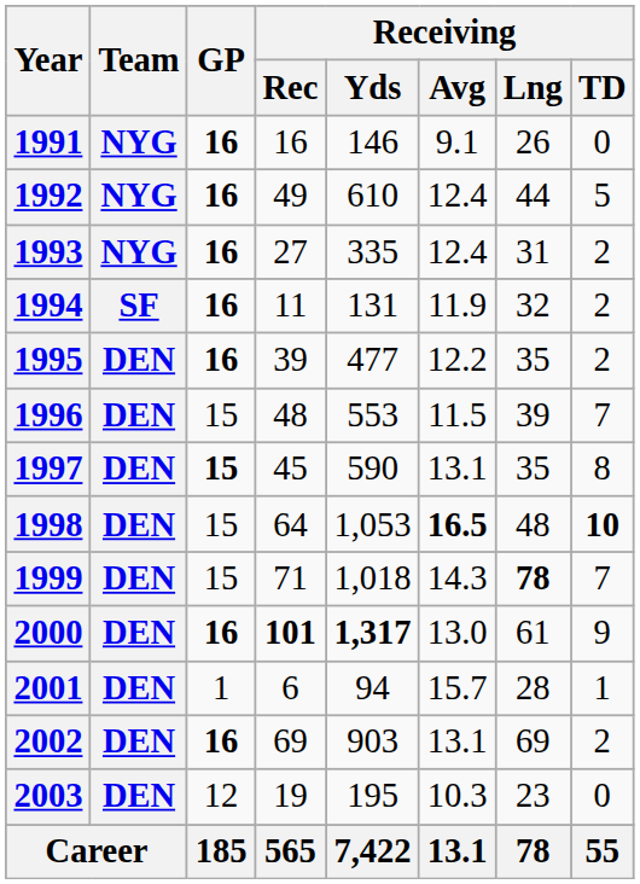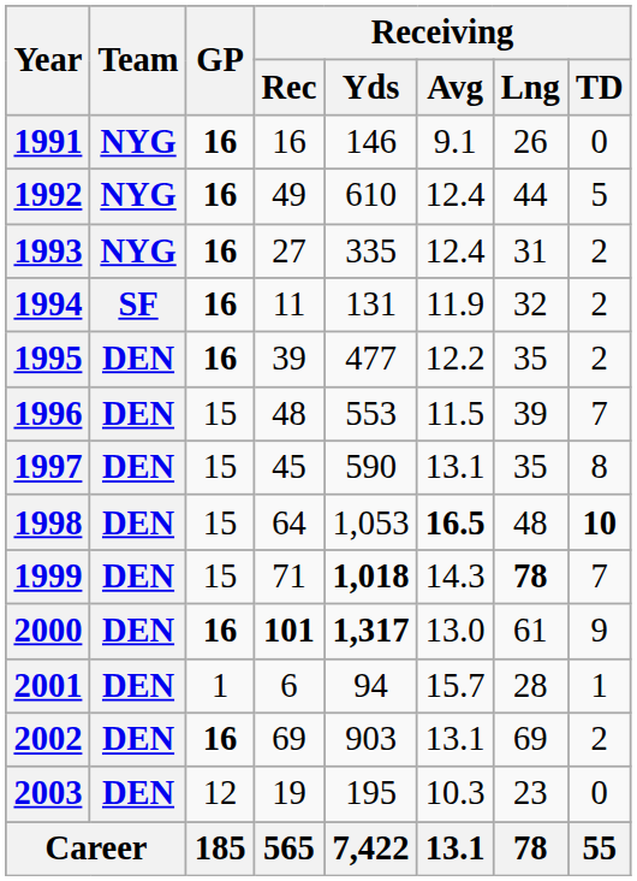 <table class="wikitable" style="text-align: center;">
 <tr>
 <th rowspan="2">Year</th>
 <th rowspan="2">Team</th>
 <th rowspan="2">GP</th>
 <th colspan="5">Receiving</th>
 </tr>
 <tr>
 <th>Rec</th>
 <th>Yds</th>
 <th>Avg</th>
 <th>Lng</th>
 <th>TD</th>
 </tr>
 <tr>
 <th><a href='#'>1991</a></th>
 <th><a href='#'>NYG</a></th>
 <td><strong>16</strong></td>
 <td>16</td>
 <td>146</td>
 <td>9.1</td>
 <td>26</td>
 <td>0</td>
 </tr>
 <tr>
 <th><a href='#'>1992</a></th>
 <th><a href='#'>NYG</a></th>
 <td><strong>16</strong></td>
 <td>49</td>
 <td>610</td>
 <td>12.4</td>
 <td>44</td>
 <td>5</td>
 </tr>
 <tr>
 <th><a href='#'>1993</a></th>
 <th><a href='#'>NYG</a></th>
 <td><strong>16</strong></td>
 <td>27</td>
 <td>335</td>
 <td>12.4</td>
 <td>31</td>
 <td>2</td>
 </tr>
 <tr>
 <th><a href='#'>1994</a></th>
 <th><a href='#'>SF</a></th>
 <td><strong>16</strong></td>
 <td>11</td>
 <td>131</td>
 <td>11.9</td>
 <td>32</td>
 <td>2</td>
 </tr>
 <tr>
 <th><a href='#'>1995</a></th>
 <th><a href='#'>DEN</a></th>
 <td><strong>16</strong></td>
 <td>39</td>
 <td>477</td>
 <td>12.2</td>
 <td>35</td>
 <td>2</td>
 </tr>
 <tr>
 <th><a href='#'>1996</a></th>
 <th><a href='#'>DEN</a></th>
 <td>15</td>
 <td>48</td>
 <td>553</td>
 <td>11.5</td>
 <td>39</td>
 <td>7</td>
 </tr>
 <tr>
 <th><a href='#'>1997</a></th>
 <th><a href='#'>DEN</a></th>
-<td><strong>15</strong></td>
+<td>15</td>
 <td>45</td>
 <td>590</td>
 <td>13.1</td>
 <td>35</td>
 <td>8</td>
 </tr>
 <tr>
 <th><a href='#'>1998</a></th>
 <th><a href='#'>DEN</a></th>
 <td>15</td>
 <td>64</td>
 <td>1,053</td>
 <td><strong>16.5</strong></td>
 <td>48</td>
 <td><strong>10</strong></td>
 </tr>
 <tr>
 <th><a href='#'>1999</a></th>
 <th><a href='#'>DEN</a></th>
 <td>15</td>
 <td>71</td>
-<td>1,018</td>
+<td><strong>1,018</strong></td>
 <td>14.3</td>
 <td><strong>78</strong></td>
 <td>7</td>
 </tr>
 <tr>
 <th><a href='#'>2000</a></th>
 <th><a href='#'>DEN</a></th>
 <td><strong>16</strong></td>
 <td><strong>101</strong></td>
 <td><strong>1,317</strong></td>
 <td>13.0</td>
 <td>61</td>
 <td>9</td>
 </tr>
 <tr>
 <th><a href='#'>2001</a></th>
 <th><a href='#'>DEN</a></th>
 <td>1</td>
 <td>6</td>
 <td>94</td>
 <td>15.7</td>
 <td>28</td>
 <td>1</td>
 </tr>
 <tr>
 <th><a href='#'>2002</a></th>
 <th><a href='#'>DEN</a></th>
 <td><strong>16</strong></td>
 <td>69</td>
 <td>903</td>
 <td>13.1</td>
 <td>69</td>
 <td>2</td>
 </tr>
 <tr>
 <th><a href='#'>2003</a></th>
 <th><a href='#'>DEN</a></th>
 <td>12</td>
 <td>19</td>
 <td>195</td>
 <td>10.3</td>
 <td>23</td>
 <td>0</td>
 </tr>
 <tr>
 <th colspan="2">Career</th>
 <th>185</th>
 <th>565</th>
 <th>7,422</th>
 <th>13.1</th>
 <th>78</th>
 <th>55</th>
 </tr>
 </table>
